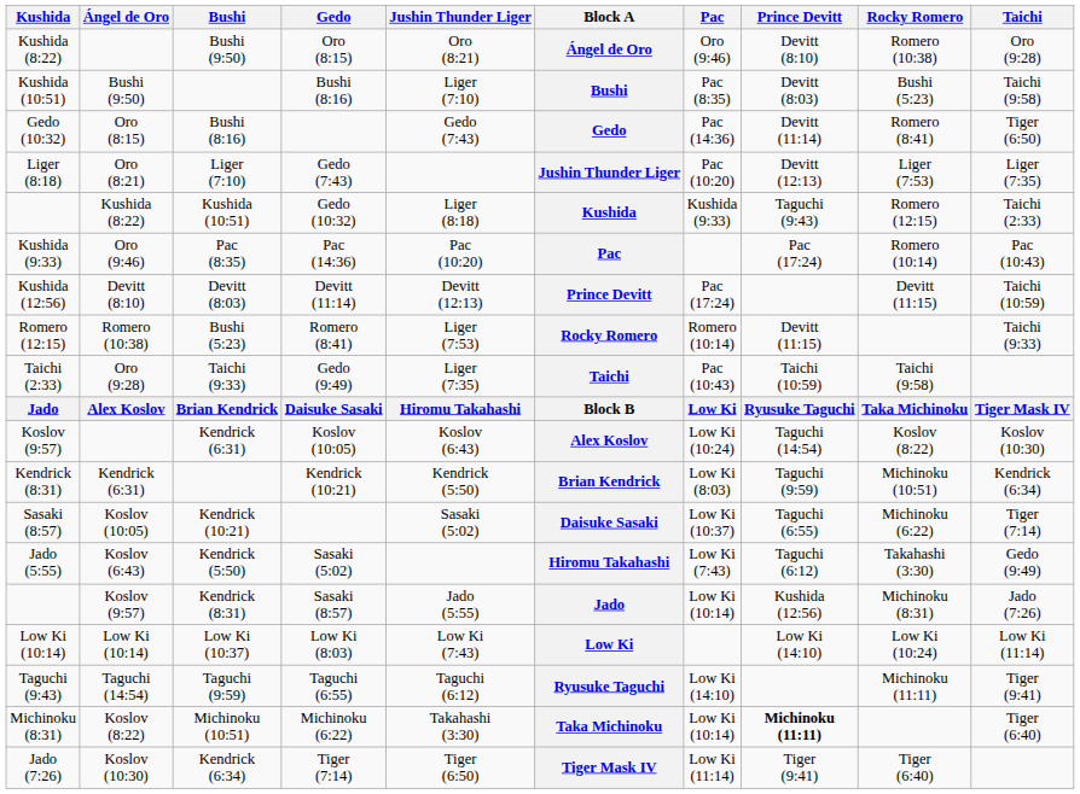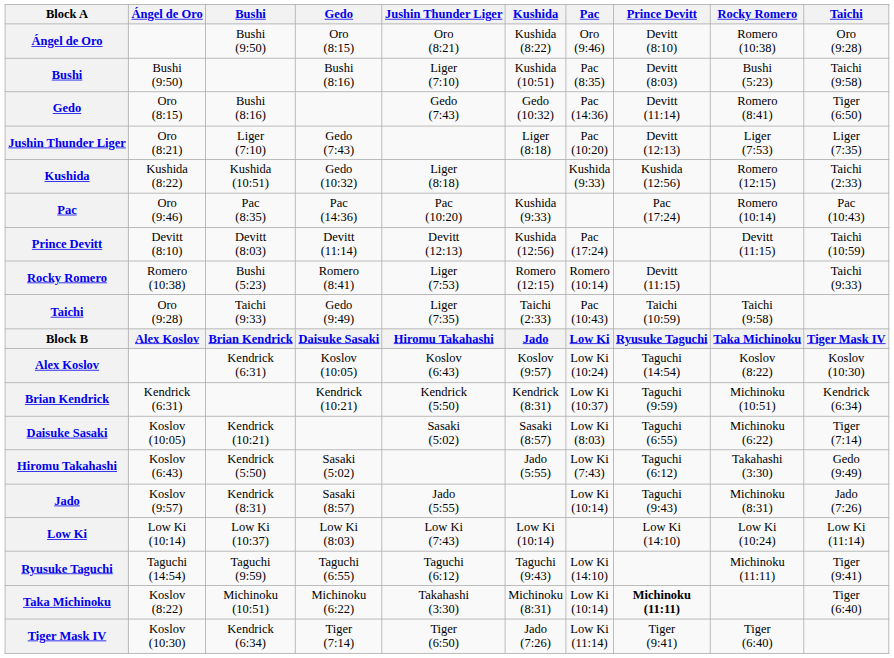 <table class="wikitable" style="margin: 1em auto 1em auto">
 <tr align="center">
-<th><a href='#'>Kushida</a></th>
+<th>Block A</th>
 <th><a href='#'>Ángel de Oro</a></th>
 <th><a href='#'>Bushi</a></th>
 <th><a href='#'>Gedo</a></th>
 <th><a href='#'>Jushin Thunder Liger</a></th>
-<th>Block A</th>
+<th><a href='#'>Kushida</a></th>
 <th><a href='#'>Pac</a></th>
 <th><a href='#'>Prince Devitt</a></th>
 <th><a href='#'>Rocky Romero</a></th>
 <th><a href='#'>Taichi</a></th>
 </tr>
 <tr align="center">
-<td>Kushida<br>(8:22)</td>
+<th><a href='#'>Ángel de Oro</a></th>
 <td></td>
 <td>Bushi<br>(9:50)</td>
 <td>Oro<br>(8:15)</td>
 <td>Oro<br>(8:21)</td>
-<th><a href='#'>Ángel de Oro</a></th>
+<td>Kushida<br>(8:22)</td>
 <td>Oro<br>(9:46)</td>
 <td>Devitt<br>(8:10)</td>
 <td>Romero<br>(10:38)</td>
 <td>Oro<br>(9:28)</td>
 </tr>
 <tr align="center">
-<td>Kushida<br>(10:51)</td>
+<th><a href='#'>Bushi</a></th>
 <td>Bushi<br>(9:50)</td>
 <td></td>
 <td>Bushi<br>(8:16)</td>
 <td>Liger<br>(7:10)</td>
-<th><a href='#'>Bushi</a></th>
+<td>Kushida<br>(10:51)</td>
 <td>Pac<br>(8:35)</td>
 <td>Devitt<br>(8:03)</td>
 <td>Bushi<br>(5:23)</td>
 <td>Taichi<br>(9:58)</td>
 </tr>
 <tr align="center">
-<td>Gedo<br>(10:32)</td>
+<th><a href='#'>Gedo</a></th>
 <td>Oro<br>(8:15)</td>
 <td>Bushi<br>(8:16)</td>
 <td></td>
 <td>Gedo<br>(7:43)</td>
-<th><a href='#'>Gedo</a></th>
+<td>Gedo<br>(10:32)</td>
 <td>Pac<br>(14:36)</td>
 <td>Devitt<br>(11:14)</td>
 <td>Romero<br>(8:41)</td>
 <td>Tiger<br>(6:50)</td>
 </tr>
 <tr align="center">
-<td>Liger<br>(8:18)</td>
+<th><a href='#'>Jushin Thunder Liger</a></th>
 <td>Oro<br>(8:21)</td>
 <td>Liger<br>(7:10)</td>
 <td>Gedo<br>(7:43)</td>
 <td></td>
-<th><a href='#'>Jushin Thunder Liger</a></th>
+<td>Liger<br>(8:18)</td>
 <td>Pac<br>(10:20)</td>
 <td>Devitt<br>(12:13)</td>
 <td>Liger<br>(7:53)</td>
 <td>Liger<br>(7:35)</td>
 </tr>
 <tr align="center">
-<td></td>
+<th><a href='#'>Kushida</a></th>
 <td>Kushida<br>(8:22)</td>
 <td>Kushida<br>(10:51)</td>
 <td>Gedo<br>(10:32)</td>
 <td>Liger<br>(8:18)</td>
-<th><a href='#'>Kushida</a></th>
+<td></td>
 <td>Kushida<br>(9:33)</td>
-<td>Taguchi<br>(9:43)</td>
+<td>Kushida<br>(12:56)</td>
 <td>Romero<br>(12:15)</td>
 <td>Taichi<br>(2:33)</td>
 </tr>
 <tr align="center">
-<td>Kushida<br>(9:33)</td>
+<th><a href='#'>Pac</a></th>
 <td>Oro<br>(9:46)</td>
 <td>Pac<br>(8:35)</td>
 <td>Pac<br>(14:36)</td>
 <td>Pac<br>(10:20)</td>
-<th><a href='#'>Pac</a></th>
+<td>Kushida<br>(9:33)</td>
 <td></td>
 <td>Pac<br>(17:24)</td>
 <td>Romero<br>(10:14)</td>
 <td>Pac<br>(10:43)</td>
 </tr>
 <tr align="center">
-<td>Kushida<br>(12:56)</td>
+<th><a href='#'>Prince Devitt</a></th>
 <td>Devitt<br>(8:10)</td>
 <td>Devitt<br>(8:03)</td>
 <td>Devitt<br>(11:14)</td>
 <td>Devitt<br>(12:13)</td>
-<th><a href='#'>Prince Devitt</a></th>
+<td>Kushida<br>(12:56)</td>
 <td>Pac<br>(17:24)</td>
 <td></td>
 <td>Devitt<br>(11:15)</td>
 <td>Taichi<br>(10:59)</td>
 </tr>
 <tr align="center">
-<td>Romero<br>(12:15)</td>
+<th><a href='#'>Rocky Romero</a></th>
 <td>Romero<br>(10:38)</td>
 <td>Bushi<br>(5:23)</td>
 <td>Romero<br>(8:41)</td>
 <td>Liger<br>(7:53)</td>
-<th><a href='#'>Rocky Romero</a></th>
+<td>Romero<br>(12:15)</td>
 <td>Romero<br>(10:14)</td>
 <td>Devitt<br>(11:15)</td>
 <td></td>
 <td>Taichi<br>(9:33)</td>
 </tr>
 <tr align="center">
-<td>Taichi<br>(2:33)</td>
+<th><a href='#'>Taichi</a></th>
 <td>Oro<br>(9:28)</td>
 <td>Taichi<br>(9:33)</td>
 <td>Gedo<br>(9:49)</td>
 <td>Liger<br>(7:35)</td>
-<th><a href='#'>Taichi</a></th>
+<td>Taichi<br>(2:33)</td>
 <td>Pac<br>(10:43)</td>
 <td>Taichi<br>(10:59)</td>
 <td>Taichi<br>(9:58)</td>
 <td></td>
 </tr>
 <tr align="center">
-<th><a href='#'>Jado</a></th>
+<th>Block B</th>
 <th><a href='#'>Alex Koslov</a></th>
 <th><a href='#'>Brian Kendrick</a></th>
 <th><a href='#'>Daisuke Sasaki</a></th>
 <th><a href='#'>Hiromu Takahashi</a></th>
-<th>Block B</th>
+<th><a href='#'>Jado</a></th>
 <th><a href='#'>Low Ki</a></th>
 <th><a href='#'>Ryusuke Taguchi</a></th>
 <th><a href='#'>Taka Michinoku</a></th>
 <th><a href='#'>Tiger Mask IV</a></th>
 </tr>
 <tr align="center">
-<td>Koslov<br>(9:57)</td>
+<th><a href='#'>Alex Koslov</a></th>
 <td></td>
 <td>Kendrick<br>(6:31)</td>
 <td>Koslov<br>(10:05)</td>
 <td>Koslov<br>(6:43)</td>
-<th><a href='#'>Alex Koslov</a></th>
+<td>Koslov<br>(9:57)</td>
 <td>Low Ki<br>(10:24)</td>
 <td>Taguchi<br>(14:54)</td>
 <td>Koslov<br>(8:22)</td>
 <td>Koslov<br>(10:30)</td>
 </tr>
 <tr align="center">
-<td>Kendrick<br>(8:31)</td>
+<th><a href='#'>Brian Kendrick</a></th>
 <td>Kendrick<br>(6:31)</td>
 <td></td>
 <td>Kendrick<br>(10:21)</td>
 <td>Kendrick<br>(5:50)</td>
-<th><a href='#'>Brian Kendrick</a></th>
-<td>Low Ki<br>(8:03)</td>
+<td>Kendrick<br>(8:31)</td>
+<td>Low Ki<br>(10:37)</td>
 <td>Taguchi<br>(9:59)</td>
 <td>Michinoku<br>(10:51)</td>
 <td>Kendrick<br>(6:34)</td>
 </tr>
 <tr align="center">
-<td>Sasaki<br>(8:57)</td>
+<th><a href='#'>Daisuke Sasaki</a></th>
 <td>Koslov<br>(10:05)</td>
 <td>Kendrick<br>(10:21)</td>
 <td></td>
 <td>Sasaki<br>(5:02)</td>
-<th><a href='#'>Daisuke Sasaki</a></th>
-<td>Low Ki<br>(10:37)</td>
+<td>Sasaki<br>(8:57)</td>
+<td>Low Ki<br>(8:03)</td>
 <td>Taguchi<br>(6:55)</td>
 <td>Michinoku<br>(6:22)</td>
 <td>Tiger<br>(7:14)</td>
 </tr>
 <tr align="center">
-<td>Jado<br>(5:55)</td>
+<th><a href='#'>Hiromu Takahashi</a></th>
 <td>Koslov<br>(6:43)</td>
 <td>Kendrick<br>(5:50)</td>
 <td>Sasaki<br>(5:02)</td>
 <td></td>
-<th><a href='#'>Hiromu Takahashi</a></th>
+<td>Jado<br>(5:55)</td>
 <td>Low Ki<br>(7:43)</td>
 <td>Taguchi<br>(6:12)</td>
 <td>Takahashi<br>(3:30)</td>
 <td>Gedo<br>(9:49)</td>
 </tr>
 <tr align="center">
-<td></td>
+<th><a href='#'>Jado</a></th>
 <td>Koslov<br>(9:57)</td>
 <td>Kendrick<br>(8:31)</td>
 <td>Sasaki<br>(8:57)</td>
 <td>Jado<br>(5:55)</td>
-<th><a href='#'>Jado</a></th>
+<td></td>
 <td>Low Ki<br>(10:14)</td>
-<td>Kushida<br>(12:56)</td>
+<td>Taguchi<br>(9:43)</td>
 <td>Michinoku<br>(8:31)</td>
 <td>Jado<br>(7:26)</td>
 </tr>
 <tr align="center">
-<td>Low Ki<br>(10:14)</td>
+<th><a href='#'>Low Ki</a></th>
 <td>Low Ki<br>(10:14)</td>
 <td>Low Ki<br>(10:37)</td>
 <td>Low Ki<br>(8:03)</td>
 <td>Low Ki<br>(7:43)</td>
-<th><a href='#'>Low Ki</a></th>
+<td>Low Ki<br>(10:14)</td>
 <td></td>
 <td>Low Ki<br>(14:10)</td>
 <td>Low Ki<br>(10:24)</td>
 <td>Low Ki<br>(11:14)</td>
 </tr>
 <tr align="center">
-<td>Taguchi<br>(9:43)</td>
+<th><a href='#'>Ryusuke Taguchi</a></th>
 <td>Taguchi<br>(14:54)</td>
 <td>Taguchi<br>(9:59)</td>
 <td>Taguchi<br>(6:55)</td>
 <td>Taguchi<br>(6:12)</td>
-<th><a href='#'>Ryusuke Taguchi</a></th>
+<td>Taguchi<br>(9:43)</td>
 <td>Low Ki<br>(14:10)</td>
 <td></td>
 <td>Michinoku<br>(11:11)</td>
 <td>Tiger<br>(9:41)</td>
 </tr>
 <tr align="center">
-<td>Michinoku<br>(8:31)</td>
+<th><a href='#'>Taka Michinoku</a></th>
 <td>Koslov<br>(8:22)</td>
 <td>Michinoku<br>(10:51)</td>
 <td>Michinoku<br>(6:22)</td>
 <td>Takahashi<br>(3:30)</td>
-<th><a href='#'>Taka Michinoku</a></th>
+<td>Michinoku<br>(8:31)</td>
 <td>Low Ki<br>(10:14)</td>
 <td><strong>Michinoku<br>(11:11)</strong></td>
 <td></td>
 <td>Tiger<br>(6:40)</td>
 </tr>
 <tr align="center">
-<td>Jado<br>(7:26)</td>
+<th><a href='#'>Tiger Mask IV</a></th>
 <td>Koslov<br>(10:30)</td>
 <td>Kendrick<br>(6:34)</td>
 <td>Tiger<br>(7:14)</td>
 <td>Tiger<br>(6:50)</td>
-<th><a href='#'>Tiger Mask IV</a></th>
+<td>Jado<br>(7:26)</td>
 <td>Low Ki<br>(11:14)</td>
 <td>Tiger<br>(9:41)</td>
 <td>Tiger<br>(6:40)</td>
 <td></td>
 </tr>
 </table>
